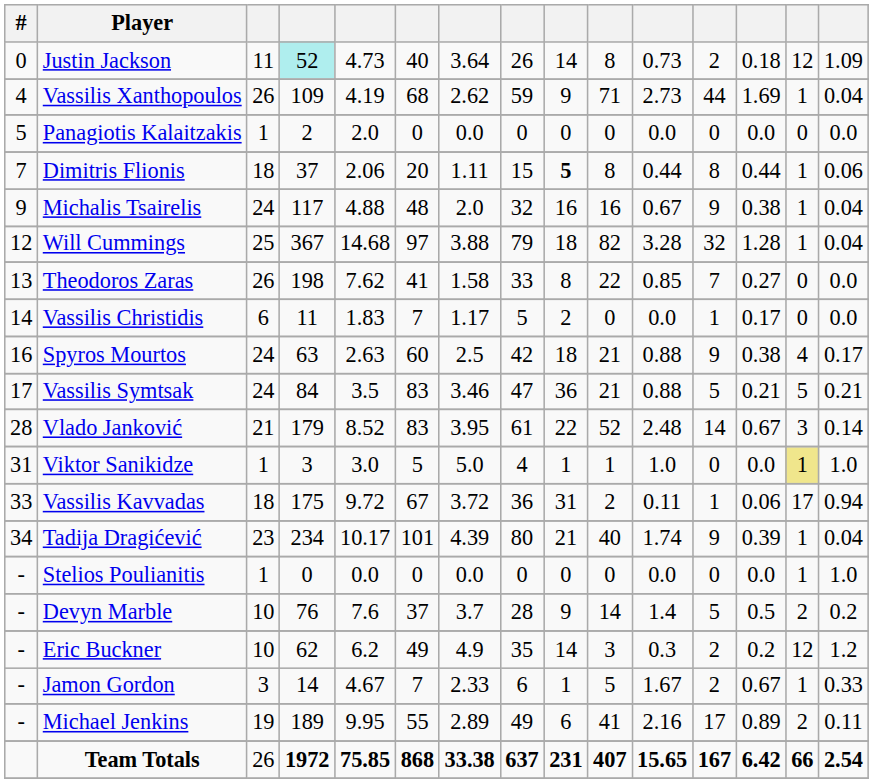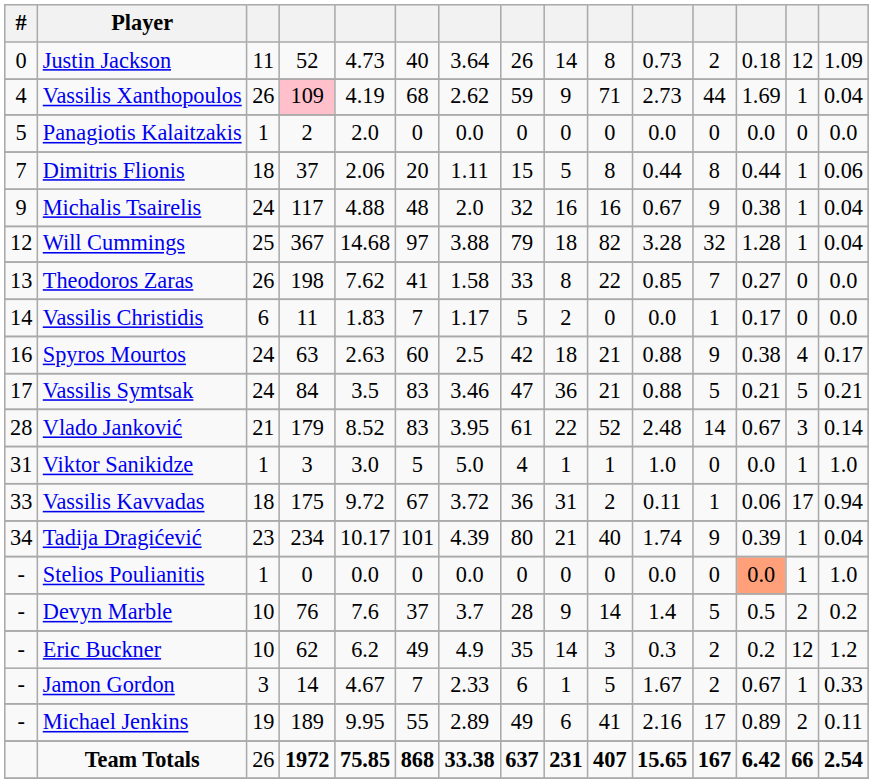 <table class="wikitable sortable" style="font-size:90%; text-align:center;">
 <tr>
 <th>#</th>
 <th>Player</th>
 <th></th>
 <th></th>
 <th></th>
 <th></th>
 <th></th>
 <th></th>
 <th></th>
 <th></th>
 <th></th>
 <th></th>
 <th></th>
 <th></th>
 <th></th>
 </tr>
 <tr>
 <td>0</td>
 <td align="left"> <a href='#'>Justin Jackson</a></td>
 <td>11</td>
-<td style="background: paleturquoise;">52</td>
+<td>52</td>
 <td>4.73</td>
 <td>40</td>
 <td>3.64</td>
 <td>26</td>
 <td>14</td>
 <td>8</td>
 <td>0.73</td>
 <td>2</td>
 <td>0.18</td>
 <td>12</td>
 <td>1.09</td>
 </tr>
 <tr>
 </tr>
 <tr>
 <td>4</td>
 <td align="left"> <a href='#'>Vassilis Xanthopoulos</a></td>
 <td>26</td>
-<td>109</td>
+<td style="background: pink;">109</td>
 <td>4.19</td>
 <td>68</td>
 <td>2.62</td>
 <td>59</td>
 <td>9</td>
 <td>71</td>
 <td>2.73</td>
 <td>44</td>
 <td>1.69</td>
 <td>1</td>
 <td>0.04</td>
 </tr>
 <tr>
 </tr>
 <tr>
 <td>5</td>
 <td align="left"> <a href='#'>Panagiotis Kalaitzakis</a></td>
 <td>1</td>
 <td>2</td>
 <td>2.0</td>
 <td>0</td>
 <td>0.0</td>
 <td>0</td>
 <td>0</td>
 <td>0</td>
 <td>0.0</td>
 <td>0</td>
 <td>0.0</td>
 <td>0</td>
 <td>0.0</td>
 </tr>
 <tr>
 </tr>
 <tr>
 <td>7</td>
 <td align="left"> <a href='#'>Dimitris Flionis</a></td>
 <td>18</td>
 <td>37</td>
 <td>2.06</td>
 <td>20</td>
 <td>1.11</td>
 <td>15</td>
-<td><strong>5</strong></td>
+<td>5</td>
 <td>8</td>
 <td>0.44</td>
 <td>8</td>
 <td>0.44</td>
 <td>1</td>
 <td>0.06</td>
 </tr>
 <tr>
 </tr>
 <tr>
 <td>9</td>
 <td align="left"> <a href='#'>Michalis Tsairelis</a></td>
 <td>24</td>
 <td>117</td>
 <td>4.88</td>
 <td>48</td>
 <td>2.0</td>
 <td>32</td>
 <td>16</td>
 <td>16</td>
 <td>0.67</td>
 <td>9</td>
 <td>0.38</td>
 <td>1</td>
 <td>0.04</td>
 </tr>
 <tr>
 </tr>
 <tr>
 <td>12</td>
 <td align="left"> <a href='#'>Will Cummings</a></td>
 <td>25</td>
 <td>367</td>
 <td>14.68</td>
 <td>97</td>
 <td>3.88</td>
 <td>79</td>
 <td>18</td>
 <td>82</td>
 <td>3.28</td>
 <td>32</td>
 <td>1.28</td>
 <td>1</td>
 <td>0.04</td>
 </tr>
 <tr>
 </tr>
 <tr>
 <td>13</td>
 <td align="left"> <a href='#'>Theodoros Zaras</a></td>
 <td>26</td>
 <td>198</td>
 <td>7.62</td>
 <td>41</td>
 <td>1.58</td>
 <td>33</td>
 <td>8</td>
 <td>22</td>
 <td>0.85</td>
 <td>7</td>
 <td>0.27</td>
 <td>0</td>
 <td>0.0</td>
 </tr>
 <tr>
 </tr>
 <tr>
 <td>14</td>
 <td align="left"> <a href='#'>Vassilis Christidis</a></td>
 <td>6</td>
 <td>11</td>
 <td>1.83</td>
 <td>7</td>
 <td>1.17</td>
 <td>5</td>
 <td>2</td>
 <td>0</td>
 <td>0.0</td>
 <td>1</td>
 <td>0.17</td>
 <td>0</td>
 <td>0.0</td>
 </tr>
 <tr>
 </tr>
 <tr>
 <td>16</td>
 <td align="left"> <a href='#'>Spyros Mourtos</a></td>
 <td>24</td>
 <td>63</td>
 <td>2.63</td>
 <td>60</td>
 <td>2.5</td>
 <td>42</td>
 <td>18</td>
 <td>21</td>
 <td>0.88</td>
 <td>9</td>
 <td>0.38</td>
 <td>4</td>
 <td>0.17</td>
 </tr>
 <tr>
 </tr>
 <tr>
 <td>17</td>
 <td align="left"> <a href='#'>Vassilis Symtsak</a></td>
 <td>24</td>
 <td>84</td>
 <td>3.5</td>
 <td>83</td>
 <td>3.46</td>
 <td>47</td>
 <td>36</td>
 <td>21</td>
 <td>0.88</td>
 <td>5</td>
 <td>0.21</td>
 <td>5</td>
 <td>0.21</td>
 </tr>
 <tr>
 </tr>
 <tr>
 <td>28</td>
 <td align="left"> <a href='#'>Vlado Janković</a></td>
 <td>21</td>
 <td>179</td>
 <td>8.52</td>
 <td>83</td>
 <td>3.95</td>
 <td>61</td>
 <td>22</td>
 <td>52</td>
 <td>2.48</td>
 <td>14</td>
 <td>0.67</td>
 <td>3</td>
 <td>0.14</td>
 </tr>
 <tr>
 </tr>
 <tr>
 <td>31</td>
 <td align="left"> <a href='#'>Viktor Sanikidze</a></td>
 <td>1</td>
 <td>3</td>
 <td>3.0</td>
 <td>5</td>
 <td>5.0</td>
 <td>4</td>
 <td>1</td>
 <td>1</td>
 <td>1.0</td>
 <td>0</td>
 <td>0.0</td>
-<td style="background: khaki;">1</td>
+<td>1</td>
 <td>1.0</td>
 </tr>
 <tr>
 </tr>
 <tr>
 <td>33</td>
 <td align="left"> <a href='#'>Vassilis Kavvadas</a></td>
 <td>18</td>
 <td>175</td>
 <td>9.72</td>
 <td>67</td>
 <td>3.72</td>
 <td>36</td>
 <td>31</td>
 <td>2</td>
 <td>0.11</td>
 <td>1</td>
 <td>0.06</td>
 <td>17</td>
 <td>0.94</td>
 </tr>
 <tr>
 </tr>
 <tr>
 <td>34</td>
 <td align="left"> <a href='#'>Tadija Dragićević</a></td>
 <td>23</td>
 <td>234</td>
 <td>10.17</td>
 <td>101</td>
 <td>4.39</td>
 <td>80</td>
 <td>21</td>
 <td>40</td>
 <td>1.74</td>
 <td>9</td>
 <td>0.39</td>
 <td>1</td>
 <td>0.04</td>
 </tr>
 <tr>
 </tr>
 <tr>
 <td>-</td>
 <td align="left"> <a href='#'>Stelios Poulianitis</a></td>
 <td>1</td>
 <td>0</td>
 <td>0.0</td>
 <td>0</td>
 <td>0.0</td>
 <td>0</td>
 <td>0</td>
 <td>0</td>
 <td>0.0</td>
 <td>0</td>
-<td>0.0</td>
+<td style="background: lightsalmon;">0.0</td>
 <td>1</td>
 <td>1.0</td>
 </tr>
 <tr>
 </tr>
 <tr>
 <td>-</td>
 <td align="left"> <a href='#'>Devyn Marble</a></td>
 <td>10</td>
 <td>76</td>
 <td>7.6</td>
 <td>37</td>
 <td>3.7</td>
 <td>28</td>
 <td>9</td>
 <td>14</td>
 <td>1.4</td>
 <td>5</td>
 <td>0.5</td>
 <td>2</td>
 <td>0.2</td>
 </tr>
 <tr>
 </tr>
 <tr>
 <td>-</td>
 <td align="left"> <a href='#'>Eric Buckner</a></td>
 <td>10</td>
 <td>62</td>
 <td>6.2</td>
 <td>49</td>
 <td>4.9</td>
 <td>35</td>
 <td>14</td>
 <td>3</td>
 <td>0.3</td>
 <td>2</td>
 <td>0.2</td>
 <td>12</td>
 <td>1.2</td>
 </tr>
 <tr>
 <td>-</td>
 <td align="left"> <a href='#'>Jamon Gordon</a></td>
 <td>3</td>
 <td>14</td>
 <td>4.67</td>
 <td>7</td>
 <td>2.33</td>
 <td>6</td>
 <td>1</td>
 <td>5</td>
 <td>1.67</td>
 <td>2</td>
 <td>0.67</td>
 <td>1</td>
 <td>0.33</td>
 </tr>
 <tr>
 </tr>
 <tr>
 <td>-</td>
 <td align="left"> <a href='#'>Michael Jenkins</a></td>
 <td>19</td>
 <td>189</td>
 <td>9.95</td>
 <td>55</td>
 <td>2.89</td>
 <td>49</td>
 <td>6</td>
 <td>41</td>
 <td>2.16</td>
 <td>17</td>
 <td>0.89</td>
 <td>2</td>
 <td>0.11</td>
 </tr>
 <tr>
 </tr>
 <tr>
 </tr>
 <tr>
 <td></td>
 <td><strong>Team Totals</strong></td>
 <td>26</td>
 <td><strong>1972</strong></td>
 <td><strong>75.85</strong></td>
 <td><strong>868</strong></td>
 <td><strong>33.38</strong></td>
 <td><strong>637</strong></td>
 <td><strong>231</strong></td>
 <td><strong>407</strong></td>
 <td><strong>15.65</strong></td>
 <td><strong>167</strong></td>
 <td><strong>6.42</strong></td>
 <td><strong>66</strong></td>
 <td><strong>2.54</strong></td>
 </tr>
 <tr>
 </tr>
 </table>
